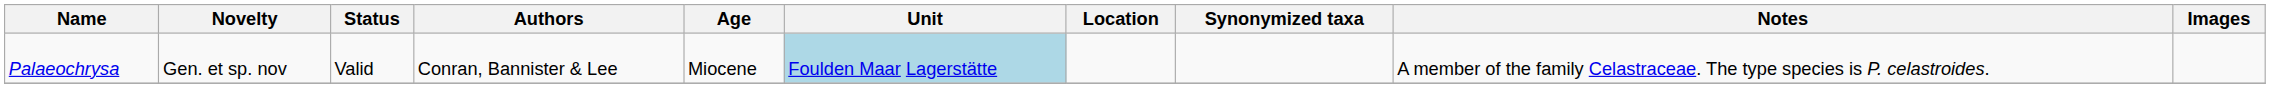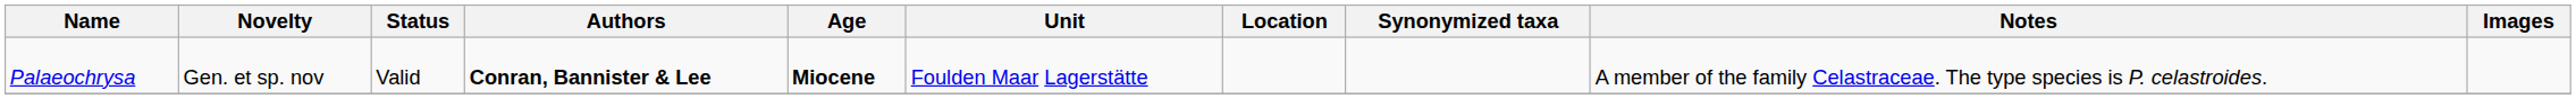 <table class="wikitable sortable" align="center" width="100%">
 <tr>
 <th>Name</th>
 <th>Novelty</th>
 <th>Status</th>
 <th>Authors</th>
 <th>Age</th>
 <th>Unit</th>
 <th>Location</th>
 <th>Synonymized taxa</th>
 <th>Notes</th>
 <th>Images</th>
 </tr>
 <tr>
 <td><br><em><a href='#'>Palaeochrysa</a></em></td>
 <td><br>Gen. et sp. nov</td>
 <td><br>Valid</td>
-<td><br>Conran, Bannister & Lee</td>
-<td><br>Miocene</td>
-<td style="background: lightblue;"><br><a href='#'>Foulden Maar</a> <a href='#'>Lagerstätte</a></td>
+<td><strong><br>Conran, Bannister & Lee</strong></td>
+<td><strong><br>Miocene</strong></td>
+<td><br><a href='#'>Foulden Maar</a> <a href='#'>Lagerstätte</a></td>
 <td><br></td>
 <td></td>
 <td><br>A member of the family <a href='#'>Celastraceae</a>. The type species is <em>P. celastroides</em>.</td>
 <td></td>
 </tr>
 <tr>
 </tr>
 </table>
